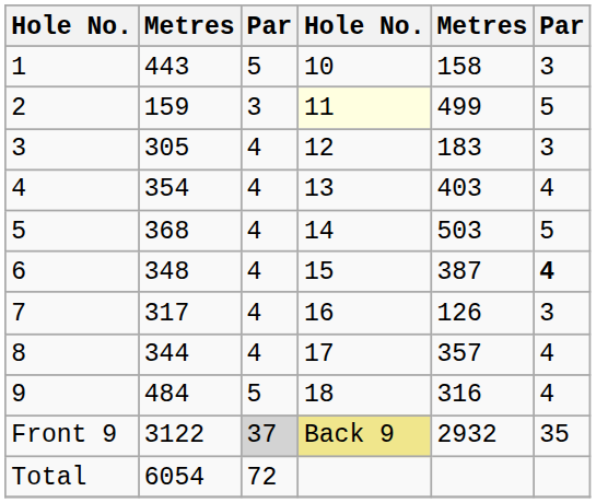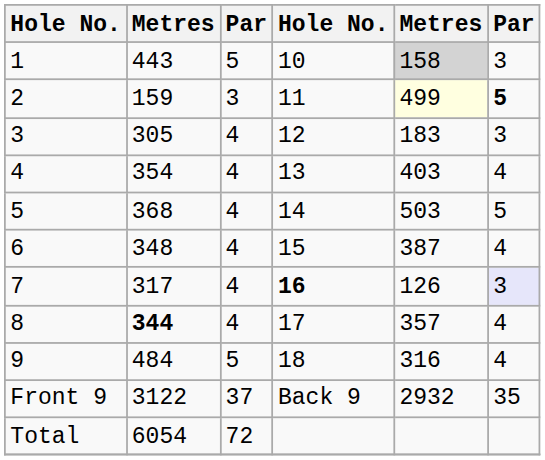 <table class="wikitable">
 <tr>
 <th>Hole No.</th>
 <th>Metres</th>
 <th>Par</th>
 <th>Hole No.</th>
 <th>Metres</th>
 <th>Par</th>
 </tr>
 <tr>
 <td>1</td>
 <td>443</td>
 <td>5</td>
 <td>10</td>
-<td>158</td>
+<td style="background: lightgrey;">158</td>
 <td>3</td>
 </tr>
 <tr --->
 <td>2</td>
 <td>159</td>
 <td>3</td>
-<td style="background: lightyellow;">11</td>
-<td>499</td>
-<td>5</td>
+<td>11</td>
+<td style="background: lightyellow;">499</td>
+<td><strong>5</strong></td>
 </tr>
 <tr --->
 <td>3</td>
 <td>305</td>
 <td>4</td>
 <td>12</td>
 <td>183</td>
 <td>3</td>
 </tr>
 <tr --->
 <td>4</td>
 <td>354</td>
 <td>4</td>
 <td>13</td>
 <td>403</td>
 <td>4</td>
 </tr>
 <tr --->
 <td>5</td>
 <td>368</td>
 <td>4</td>
 <td>14</td>
 <td>503</td>
 <td>5</td>
 </tr>
 <tr --->
 <td>6</td>
 <td>348</td>
 <td>4</td>
 <td>15</td>
 <td>387</td>
-<td><strong>4</strong></td>
+<td>4</td>
 </tr>
 <tr --->
 <td>7</td>
 <td>317</td>
 <td>4</td>
-<td>16</td>
+<td><strong>16</strong></td>
 <td>126</td>
-<td>3</td>
+<td style="background: lavender;">3</td>
 </tr>
 <tr --->
 <td>8</td>
-<td>344</td>
+<td><strong>344</strong></td>
 <td>4</td>
 <td>17</td>
 <td>357</td>
 <td>4</td>
 </tr>
 <tr --->
 <td>9</td>
 <td>484</td>
 <td>5</td>
 <td>18</td>
 <td>316</td>
 <td>4</td>
 </tr>
 <tr --->
 <td>Front 9</td>
 <td>3122</td>
-<td style="background: lightgrey;">37</td>
-<td style="background: khaki;">Back 9</td>
+<td>37</td>
+<td>Back 9</td>
 <td>2932</td>
 <td>35</td>
 </tr>
 <tr --->
 <td>Total</td>
 <td>6054</td>
 <td>72</td>
 <td></td>
 <td></td>
 <td></td>
 </tr>
 <tr --->
 </tr>
 </table>
